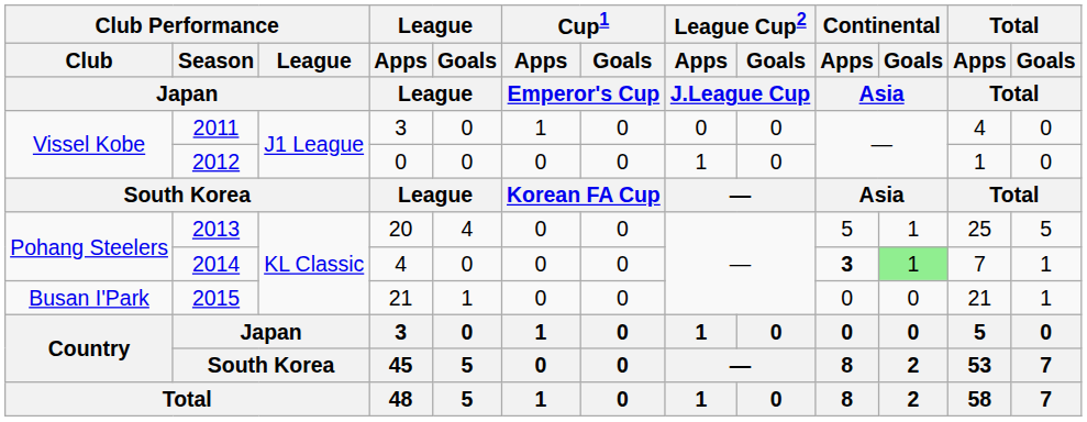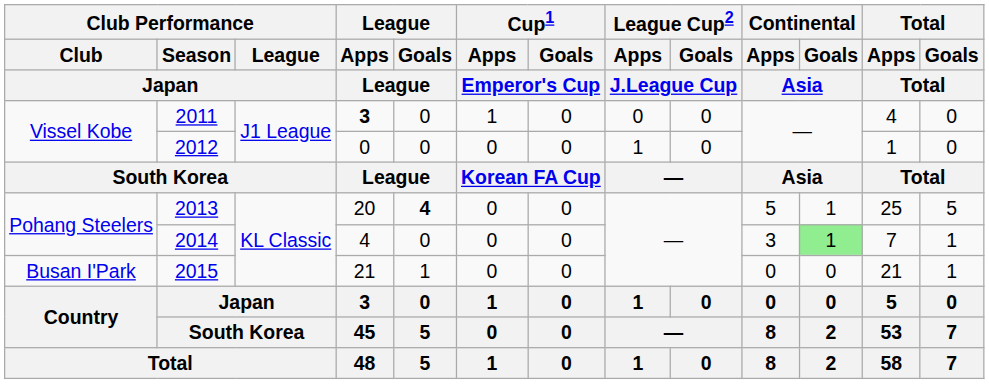 <table class="wikitable" style="font-size:95%; text-align:center;">
 <tr>
 <th colspan="3">Club Performance</th>
 <th colspan="2">League</th>
 <th colspan="2">Cup<sup><a href='#'>1</a></sup></th>
 <th colspan="2">League Cup<sup><a href='#'>2</a></sup></th>
 <th colspan="2">Continental</th>
 <th colspan="2">Total</th>
 </tr>
 <tr>
 <th>Club</th>
 <th>Season</th>
 <th>League</th>
 <th>Apps</th>
 <th>Goals</th>
 <th>Apps</th>
 <th>Goals</th>
 <th>Apps</th>
 <th>Goals</th>
 <th>Apps</th>
 <th>Goals</th>
 <th>Apps</th>
 <th>Goals</th>
 </tr>
 <tr>
 <th colspan="3">Japan</th>
 <th colspan="2">League</th>
 <th colspan="2"><a href='#'>Emperor's Cup</a></th>
 <th colspan="2"><a href='#'>J.League Cup</a></th>
 <th colspan="2"><a href='#'>Asia</a></th>
 <th colspan="2">Total</th>
 </tr>
 <tr>
 <td rowspan="2"><a href='#'>Vissel Kobe</a></td>
 <td><a href='#'>2011</a></td>
 <td rowspan="2" valign="center"><a href='#'>J1 League</a></td>
-<td>3</td>
+<td><strong>3</strong></td>
 <td>0</td>
 <td>1</td>
 <td>0</td>
 <td>0</td>
 <td>0</td>
 <td rowspan="2" colspan="2">—</td>
 <td>4</td>
 <td>0</td>
 </tr>
 <tr>
 <td><a href='#'>2012</a></td>
 <td>0</td>
 <td>0</td>
 <td>0</td>
 <td>0</td>
 <td>1</td>
 <td>0</td>
 <td>1</td>
 <td>0</td>
 </tr>
 <tr>
 <th colspan="3">South Korea</th>
 <th colspan="2">League</th>
 <th colspan="2"><a href='#'>Korean FA Cup</a></th>
 <th colspan="2">—</th>
 <th colspan="2">Asia</th>
 <th colspan="2">Total</th>
 </tr>
 <tr>
 <td rowspan="2"><a href='#'>Pohang Steelers</a></td>
 <td><a href='#'>2013</a></td>
 <td rowspan="3" valign="center"><a href='#'>KL Classic</a></td>
 <td>20</td>
-<td>4</td>
+<td><strong>4</strong></td>
 <td>0</td>
 <td>0</td>
 <td rowspan="3" colspan="2">—</td>
 <td>5</td>
 <td>1</td>
 <td>25</td>
 <td>5</td>
 </tr>
 <tr>
 <td><a href='#'>2014</a></td>
 <td>4</td>
 <td>0</td>
 <td>0</td>
 <td>0</td>
-<td><strong>3</strong></td>
+<td>3</td>
 <td style="background: lightgreen;">1</td>
 <td>7</td>
 <td>1</td>
 </tr>
 <tr>
 <td rowspan="1"><a href='#'>Busan I'Park</a></td>
 <td><a href='#'>2015</a></td>
 <td>21</td>
 <td>1</td>
 <td>0</td>
 <td>0</td>
 <td>0</td>
 <td>0</td>
 <td>21</td>
 <td>1</td>
 </tr>
 <tr>
 <th rowspan=2>Country</th>
 <th colspan=2>Japan</th>
 <th>3</th>
 <th>0</th>
 <th>1</th>
 <th>0</th>
 <th>1</th>
 <th>0</th>
 <th>0</th>
 <th>0</th>
 <th>5</th>
 <th>0</th>
 </tr>
 <tr>
 <th colspan=2>South Korea</th>
 <th>45</th>
 <th>5</th>
 <th>0</th>
 <th>0</th>
 <th colspan="2">—</th>
 <th>8</th>
 <th>2</th>
 <th>53</th>
 <th>7</th>
 </tr>
 <tr>
 <th colspan=3>Total</th>
 <th>48</th>
 <th>5</th>
 <th>1</th>
 <th>0</th>
 <th>1</th>
 <th>0</th>
 <th>8</th>
 <th>2</th>
 <th>58</th>
 <th>7</th>
 </tr>
 </table>
